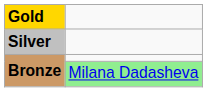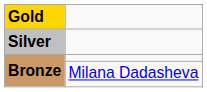 <table class="wikitable">
 <tr>
 <td bgcolor="gold"><strong>Gold</strong></td>
 <td></td>
 </tr>
 <tr>
 <td bgcolor="silver"><strong>Silver</strong></td>
 <td></td>
 </tr>
 <tr>
 <td rowspan="2" bgcolor="#cc9966"><strong>Bronze</strong></td>
 <td></td>
 </tr>
 <tr>
-<td {{flagathlete style="background: lightgreen;"> <a href='#'>Milana Dadasheva</a> </td>
+<td {{flagathlete> <a href='#'>Milana Dadasheva</a> </td>
 </tr>
 </table>
